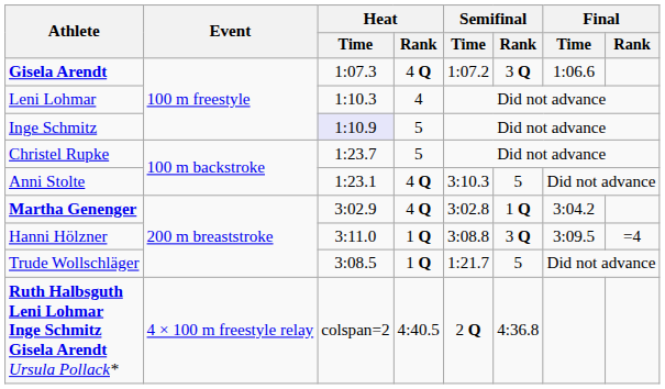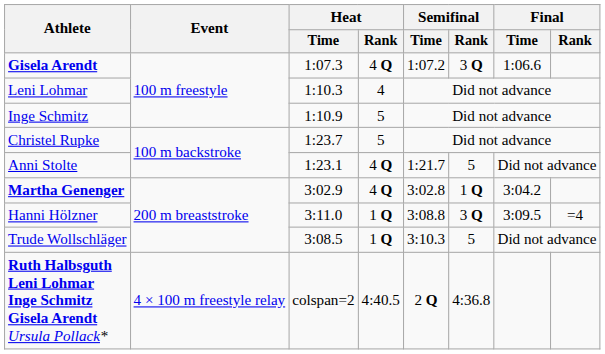 <table class=wikitable style="font-size:90%;">
 <tr>
 <th rowspan=2>Athlete</th>
 <th rowspan=2>Event</th>
 <th colspan=2>Heat</th>
 <th colspan=2>Semifinal</th>
 <th colspan=2>Final</th>
 </tr>
 <tr style="font-size:95%">
 <th>Time</th>
 <th>Rank</th>
 <th>Time</th>
 <th>Rank</th>
 <th>Time</th>
 <th>Rank</th>
 </tr>
 <tr align=center>
 <td align=left><strong><a href='#'>Gisela Arendt</a></strong></td>
 <td rowspan=3 align=left><a href='#'>100 m freestyle</a></td>
 <td>1:07.3</td>
 <td>4 <strong>Q</strong></td>
 <td>1:07.2</td>
 <td>3 <strong>Q</strong></td>
 <td>1:06.6</td>
 <td></td>
 </tr>
 <tr align=center>
 <td align=left><a href='#'>Leni Lohmar</a></td>
 <td>1:10.3</td>
 <td>4</td>
 <td colspan=4>Did not advance</td>
 </tr>
 <tr align=center>
 <td align=left><a href='#'>Inge Schmitz</a></td>
-<td style="background: lavender;">1:10.9</td>
+<td>1:10.9</td>
 <td>5</td>
 <td colspan=4>Did not advance</td>
 </tr>
 <tr align=center>
 <td align=left><a href='#'>Christel Rupke</a></td>
 <td rowspan=2 align=left><a href='#'>100 m backstroke</a></td>
 <td>1:23.7</td>
 <td>5</td>
 <td colspan=4>Did not advance</td>
 </tr>
 <tr align=center>
 <td align=left><a href='#'>Anni Stolte</a></td>
 <td>1:23.1</td>
 <td>4 <strong>Q</strong></td>
-<td>3:10.3</td>
+<td>1:21.7</td>
 <td>5</td>
 <td colspan=2>Did not advance</td>
 </tr>
 <tr align=center>
 <td align=left><strong><a href='#'>Martha Genenger</a></strong></td>
 <td rowspan=3 align=left><a href='#'>200 m breaststroke</a></td>
 <td>3:02.9 </td>
 <td>4 <strong>Q</strong></td>
 <td>3:02.8</td>
 <td>1 <strong>Q</strong></td>
 <td>3:04.2</td>
 <td></td>
 </tr>
 <tr align=center>
 <td align=left><a href='#'>Hanni Hölzner</a></td>
 <td>3:11.0</td>
 <td>1 <strong>Q</strong></td>
 <td>3:08.8</td>
 <td>3 <strong>Q</strong></td>
 <td>3:09.5</td>
 <td>=4</td>
 </tr>
 <tr align=center>
 <td align=left><a href='#'>Trude Wollschläger</a></td>
 <td>3:08.5</td>
 <td>1 <strong>Q</strong></td>
-<td>1:21.7</td>
+<td>3:10.3</td>
 <td>5</td>
 <td colspan=2>Did not advance</td>
 </tr>
 <tr align=center>
 <td align=left><strong><a href='#'>Ruth Halbsguth</a><br><a href='#'>Leni Lohmar</a><br><a href='#'>Inge Schmitz</a><br><a href='#'>Gisela Arendt</a></strong><br><em><a href='#'>Ursula Pollack</a>*</em></td>
 <td align=left><a href='#'>4 × 100 m freestyle relay</a></td>
 <td>colspan=2 </td>
 <td>4:40.5</td>
 <td>2 <strong>Q</strong></td>
 <td>4:36.8</td>
 <td></td>
 </tr>
 </table>
